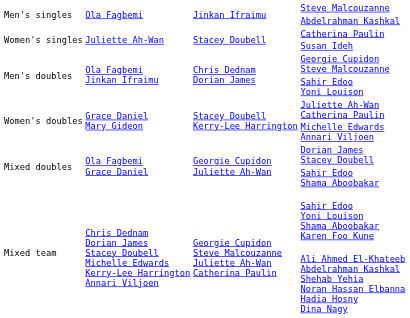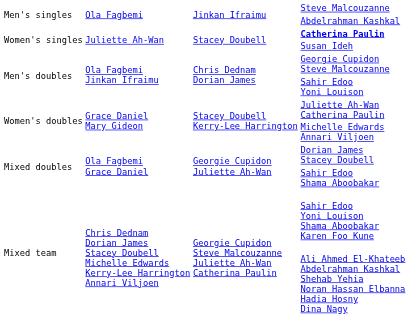 <table>
 <tr>
 <td rowspan=2>Men's singles</td>
 <td rowspan=2> <a href='#'>Ola Fagbemi</a></td>
 <td rowspan=2> <a href='#'>Jinkan Ifraimu</a></td>
 <td> <a href='#'>Steve Malcouzanne</a></td>
 </tr>
 <tr>
 <td> <a href='#'>Abdelrahman Kashkal</a></td>
 </tr>
 <tr>
 <td rowspan=2>Women's singles</td>
 <td rowspan=2> <a href='#'>Juliette Ah-Wan</a></td>
 <td rowspan=2> <a href='#'>Stacey Doubell</a></td>
-<td> <a href='#'>Catherina Paulin</a></td>
+<td><strong> <a href='#'>Catherina Paulin</a></strong></td>
 </tr>
 <tr>
 <td> <a href='#'>Susan Ideh</a></td>
 </tr>
 <tr>
 <td rowspan=2>Men's doubles</td>
 <td rowspan=2> <a href='#'>Ola Fagbemi</a> <br> <a href='#'>Jinkan Ifraimu</a></td>
 <td rowspan=2> <a href='#'>Chris Dednam</a> <br> <a href='#'>Dorian James</a></td>
 <td> <a href='#'>Georgie Cupidon</a> <br> <a href='#'>Steve Malcouzanne</a></td>
 </tr>
 <tr>
 <td> <a href='#'>Sahir Edoo</a> <br> <a href='#'>Yoni Louison</a></td>
 </tr>
 <tr>
 <td rowspan=2>Women's doubles</td>
 <td rowspan=2> <a href='#'>Grace Daniel</a> <br> <a href='#'>Mary Gideon</a></td>
 <td rowspan=2> <a href='#'>Stacey Doubell</a> <br> <a href='#'>Kerry-Lee Harrington</a></td>
 <td> <a href='#'>Juliette Ah-Wan</a> <br> <a href='#'>Catherina Paulin</a></td>
 </tr>
 <tr>
 <td> <a href='#'>Michelle Edwards</a> <br> <a href='#'>Annari Viljoen</a></td>
 </tr>
 <tr>
 <td rowspan=2>Mixed doubles</td>
 <td rowspan=2> <a href='#'>Ola Fagbemi</a> <br> <a href='#'>Grace Daniel</a></td>
 <td rowspan=2> <a href='#'>Georgie Cupidon</a> <br> <a href='#'>Juliette Ah-Wan</a></td>
 <td> <a href='#'>Dorian James</a> <br> <a href='#'>Stacey Doubell</a></td>
 </tr>
 <tr>
 <td> <a href='#'>Sahir Edoo</a> <br> <a href='#'>Shama Aboobakar</a></td>
 </tr>
 <tr>
 <td rowspan=2>Mixed team</td>
 <td rowspan=2><br><a href='#'>Chris Dednam</a><br><a href='#'>Dorian James</a><br><a href='#'>Stacey Doubell</a><br><a href='#'>Michelle Edwards</a><br><a href='#'>Kerry-Lee Harrington</a><br><a href='#'>Annari Viljoen</a></td>
 <td rowspan=2><br><a href='#'>Georgie Cupidon</a><br><a href='#'>Steve Malcouzanne</a><br><a href='#'>Juliette Ah-Wan</a><br><a href='#'>Catherina Paulin</a></td>
 <td><br><a href='#'>Sahir Edoo</a><br><a href='#'>Yoni Louison</a><br><a href='#'>Shama Aboobakar</a><br><a href='#'>Karen Foo Kune</a></td>
 </tr>
 <tr>
 <td><br><a href='#'>Ali Ahmed El-Khateeb</a><br><a href='#'>Abdelrahman Kashkal</a><br><a href='#'>Shehab Yehia</a><br><a href='#'>Noran Hassan Elbanna</a><br><a href='#'>Hadia Hosny</a><br><a href='#'>Dina Nagy</a></td>
 </tr>
 </table>
